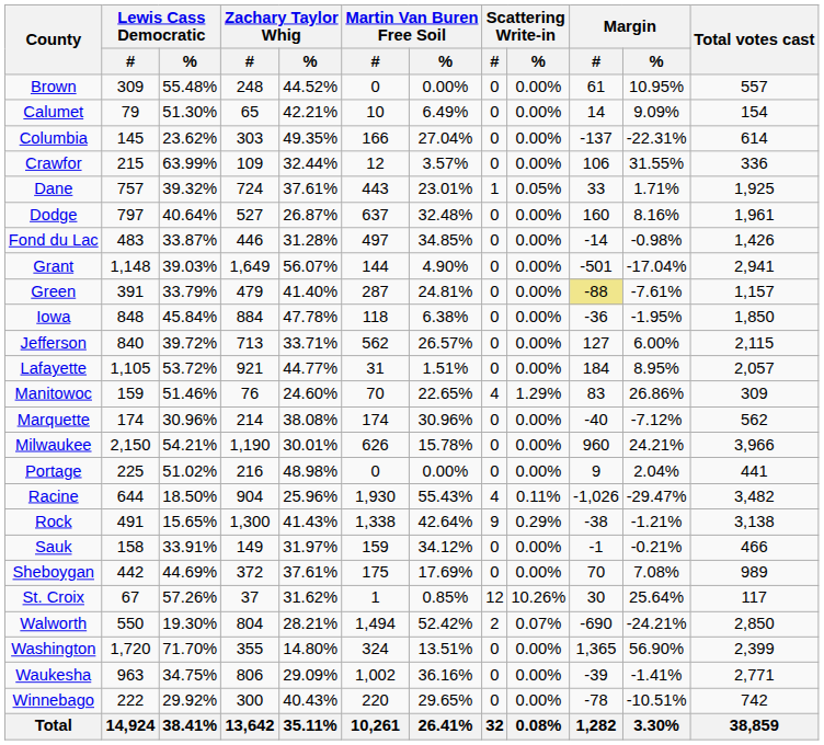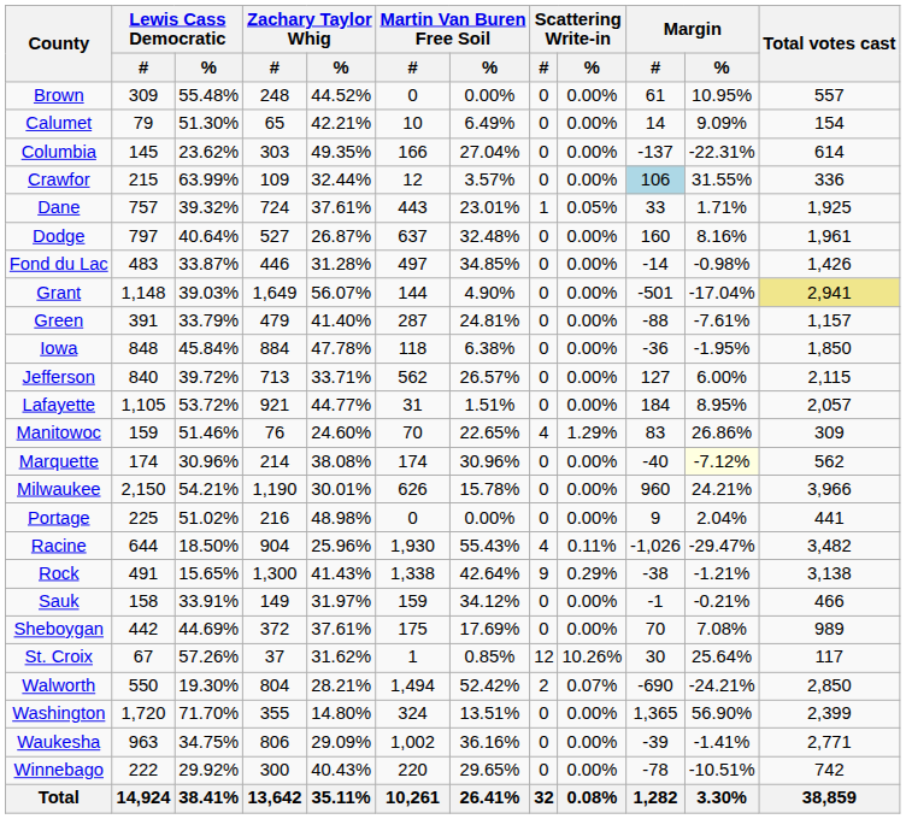 <table class="wikitable sortable" style="text-align:center">
 <tr>
 <th rowspan="2" style="text-align:center;">County</th>
 <th colspan="2" style="text-align:center;"><a href='#'>Lewis Cass</a><br>Democratic</th>
 <th colspan="2" style="text-align:center;"><a href='#'>Zachary Taylor</a><br>Whig</th>
 <th colspan="2" style="text-align:center;"><a href='#'>Martin Van Buren</a><br>Free Soil</th>
 <th colspan="2" style="text-align:center;">Scattering<br>Write-in</th>
 <th colspan="2" style="text-align:center;">Margin</th>
 <th rowspan="2" style="text-align:center;">Total votes cast</th>
 </tr>
 <tr>
 <th style="text-align:center;" data-sort-type="number">#</th>
 <th style="text-align:center;" data-sort-type="number">%</th>
 <th style="text-align:center;" data-sort-type="number">#</th>
 <th style="text-align:center;" data-sort-type="number">%</th>
 <th style="text-align:center;" data-sort-type="number">#</th>
 <th style="text-align:center;" data-sort-type="number">%</th>
 <th style="text-align:center;" data-sort-type="number">#</th>
 <th style="text-align:center;" data-sort-type="number">%</th>
 <th style="text-align:center;" data-sort-type="number">#</th>
 <th style="text-align:center;" data-sort-type="number">%</th>
 </tr>
 <tr style="text-align:center;">
 <td><a href='#'>Brown</a></td>
 <td>309</td>
 <td>55.48%</td>
 <td>248</td>
 <td>44.52%</td>
 <td>0</td>
 <td>0.00%</td>
 <td>0</td>
 <td>0.00%</td>
 <td>61</td>
 <td>10.95%</td>
 <td>557</td>
 </tr>
 <tr style="text-align:center;">
 <td><a href='#'>Calumet</a></td>
 <td>79</td>
 <td>51.30%</td>
 <td>65</td>
 <td>42.21%</td>
 <td>10</td>
 <td>6.49%</td>
 <td>0</td>
 <td>0.00%</td>
 <td>14</td>
 <td>9.09%</td>
 <td>154</td>
 </tr>
 <tr style="text-align:center;">
 <td><a href='#'>Columbia</a></td>
 <td>145</td>
 <td>23.62%</td>
 <td>303</td>
 <td>49.35%</td>
 <td>166</td>
 <td>27.04%</td>
 <td>0</td>
 <td>0.00%</td>
 <td>-137</td>
 <td>-22.31%</td>
 <td>614</td>
 </tr>
 <tr style="text-align:center;">
 <td><a href='#'>Crawfor</a></td>
 <td>215</td>
 <td>63.99%</td>
 <td>109</td>
 <td>32.44%</td>
 <td>12</td>
 <td>3.57%</td>
 <td>0</td>
 <td>0.00%</td>
-<td>106</td>
+<td style="background: lightblue;">106</td>
 <td>31.55%</td>
 <td>336</td>
 </tr>
 <tr style="text-align:center;">
 <td><a href='#'>Dane</a></td>
 <td>757</td>
 <td>39.32%</td>
 <td>724</td>
 <td>37.61%</td>
 <td>443</td>
 <td>23.01%</td>
 <td>1</td>
 <td>0.05%</td>
 <td>33</td>
 <td>1.71%</td>
 <td>1,925</td>
 </tr>
 <tr style="text-align:center;">
 <td><a href='#'>Dodge</a></td>
 <td>797</td>
 <td>40.64%</td>
 <td>527</td>
 <td>26.87%</td>
 <td>637</td>
 <td>32.48%</td>
 <td>0</td>
 <td>0.00%</td>
 <td>160</td>
 <td>8.16%</td>
 <td>1,961</td>
 </tr>
 <tr style="text-align:center;">
 <td><a href='#'>Fond du Lac</a></td>
 <td>483</td>
 <td>33.87%</td>
 <td>446</td>
 <td>31.28%</td>
 <td>497</td>
 <td>34.85%</td>
 <td>0</td>
 <td>0.00%</td>
 <td>-14</td>
 <td>-0.98%</td>
 <td>1,426</td>
 </tr>
 <tr style="text-align:center;">
 <td><a href='#'>Grant</a></td>
 <td>1,148</td>
 <td>39.03%</td>
 <td>1,649</td>
 <td>56.07%</td>
 <td>144</td>
 <td>4.90%</td>
 <td>0</td>
 <td>0.00%</td>
 <td>-501</td>
 <td>-17.04%</td>
-<td>2,941</td>
+<td style="background: khaki;">2,941</td>
 </tr>
 <tr style="text-align:center;">
 <td><a href='#'>Green</a></td>
 <td>391</td>
 <td>33.79%</td>
 <td>479</td>
 <td>41.40%</td>
 <td>287</td>
 <td>24.81%</td>
 <td>0</td>
 <td>0.00%</td>
-<td style="background: khaki;">-88</td>
+<td>-88</td>
 <td>-7.61%</td>
 <td>1,157</td>
 </tr>
 <tr style="text-align:center;">
 <td><a href='#'>Iowa</a></td>
 <td>848</td>
 <td>45.84%</td>
 <td>884</td>
 <td>47.78%</td>
 <td>118</td>
 <td>6.38%</td>
 <td>0</td>
 <td>0.00%</td>
 <td>-36</td>
 <td>-1.95%</td>
 <td>1,850</td>
 </tr>
 <tr style="text-align:center;">
 <td><a href='#'>Jefferson</a></td>
 <td>840</td>
 <td>39.72%</td>
 <td>713</td>
 <td>33.71%</td>
 <td>562</td>
 <td>26.57%</td>
 <td>0</td>
 <td>0.00%</td>
 <td>127</td>
 <td>6.00%</td>
 <td>2,115</td>
 </tr>
 <tr style="text-align:center;">
 <td><a href='#'>Lafayette</a></td>
 <td>1,105</td>
 <td>53.72%</td>
 <td>921</td>
 <td>44.77%</td>
 <td>31</td>
 <td>1.51%</td>
 <td>0</td>
 <td>0.00%</td>
 <td>184</td>
 <td>8.95%</td>
 <td>2,057</td>
 </tr>
 <tr style="text-align:center;">
 <td><a href='#'>Manitowoc</a></td>
 <td>159</td>
 <td>51.46%</td>
 <td>76</td>
 <td>24.60%</td>
 <td>70</td>
 <td>22.65%</td>
 <td>4</td>
 <td>1.29%</td>
 <td>83</td>
 <td>26.86%</td>
 <td>309</td>
 </tr>
 <tr style="text-align:center;">
 <td><a href='#'>Marquette</a></td>
 <td>174</td>
 <td>30.96%</td>
 <td>214</td>
 <td>38.08%</td>
 <td>174</td>
 <td>30.96%</td>
 <td>0</td>
 <td>0.00%</td>
 <td>-40</td>
-<td>-7.12%</td>
+<td style="background: lightyellow;">-7.12%</td>
 <td>562</td>
 </tr>
 <tr style="text-align:center;">
 <td><a href='#'>Milwaukee</a></td>
 <td>2,150</td>
 <td>54.21%</td>
 <td>1,190</td>
 <td>30.01%</td>
 <td>626</td>
 <td>15.78%</td>
 <td>0</td>
 <td>0.00%</td>
 <td>960</td>
 <td>24.21%</td>
 <td>3,966</td>
 </tr>
 <tr style="text-align:center;">
 <td><a href='#'>Portage</a></td>
 <td>225</td>
 <td>51.02%</td>
 <td>216</td>
 <td>48.98%</td>
 <td>0</td>
 <td>0.00%</td>
 <td>0</td>
 <td>0.00%</td>
 <td>9</td>
 <td>2.04%</td>
 <td>441</td>
 </tr>
 <tr style="text-align:center;">
 <td><a href='#'>Racine</a></td>
 <td>644</td>
 <td>18.50%</td>
 <td>904</td>
 <td>25.96%</td>
 <td>1,930</td>
 <td>55.43%</td>
 <td>4</td>
 <td>0.11%</td>
 <td>-1,026</td>
 <td>-29.47%</td>
 <td>3,482</td>
 </tr>
 <tr style="text-align:center;">
 <td><a href='#'>Rock</a></td>
 <td>491</td>
 <td>15.65%</td>
 <td>1,300</td>
 <td>41.43%</td>
 <td>1,338</td>
 <td>42.64%</td>
 <td>9</td>
 <td>0.29%</td>
 <td>-38</td>
 <td>-1.21%</td>
 <td>3,138</td>
 </tr>
 <tr style="text-align:center;">
 <td><a href='#'>Sauk</a></td>
 <td>158</td>
 <td>33.91%</td>
 <td>149</td>
 <td>31.97%</td>
 <td>159</td>
 <td>34.12%</td>
 <td>0</td>
 <td>0.00%</td>
 <td>-1</td>
 <td>-0.21%</td>
 <td>466</td>
 </tr>
 <tr style="text-align:center;">
 <td><a href='#'>Sheboygan</a></td>
 <td>442</td>
 <td>44.69%</td>
 <td>372</td>
 <td>37.61%</td>
 <td>175</td>
 <td>17.69%</td>
 <td>0</td>
 <td>0.00%</td>
 <td>70</td>
 <td>7.08%</td>
 <td>989</td>
 </tr>
 <tr style="text-align:center;">
 <td><a href='#'>St. Croix</a></td>
 <td>67</td>
 <td>57.26%</td>
 <td>37</td>
 <td>31.62%</td>
 <td>1</td>
 <td>0.85%</td>
 <td>12</td>
 <td>10.26%</td>
 <td>30</td>
 <td>25.64%</td>
 <td>117</td>
 </tr>
 <tr style="text-align:center;">
 <td><a href='#'>Walworth</a></td>
 <td>550</td>
 <td>19.30%</td>
 <td>804</td>
 <td>28.21%</td>
 <td>1,494</td>
 <td>52.42%</td>
 <td>2</td>
 <td>0.07%</td>
 <td>-690</td>
 <td>-24.21%</td>
 <td>2,850</td>
 </tr>
 <tr style="text-align:center;">
 <td><a href='#'>Washington</a></td>
 <td>1,720</td>
 <td>71.70%</td>
 <td>355</td>
 <td>14.80%</td>
 <td>324</td>
 <td>13.51%</td>
 <td>0</td>
 <td>0.00%</td>
 <td>1,365</td>
 <td>56.90%</td>
 <td>2,399</td>
 </tr>
 <tr style="text-align:center;">
 <td><a href='#'>Waukesha</a></td>
 <td>963</td>
 <td>34.75%</td>
 <td>806</td>
 <td>29.09%</td>
 <td>1,002</td>
 <td>36.16%</td>
 <td>0</td>
 <td>0.00%</td>
 <td>-39</td>
 <td>-1.41%</td>
 <td>2,771</td>
 </tr>
 <tr style="text-align:center;">
 <td><a href='#'>Winnebago</a></td>
 <td>222</td>
 <td>29.92%</td>
 <td>300</td>
 <td>40.43%</td>
 <td>220</td>
 <td>29.65%</td>
 <td>0</td>
 <td>0.00%</td>
 <td>-78</td>
 <td>-10.51%</td>
 <td>742</td>
 </tr>
 <tr>
 <th>Total</th>
 <th>14,924</th>
 <th>38.41%</th>
 <th>13,642</th>
 <th>35.11%</th>
 <th>10,261</th>
 <th>26.41%</th>
 <th>32</th>
 <th>0.08%</th>
 <th>1,282</th>
 <th>3.30%</th>
 <th>38,859</th>
 </tr>
 </table>
